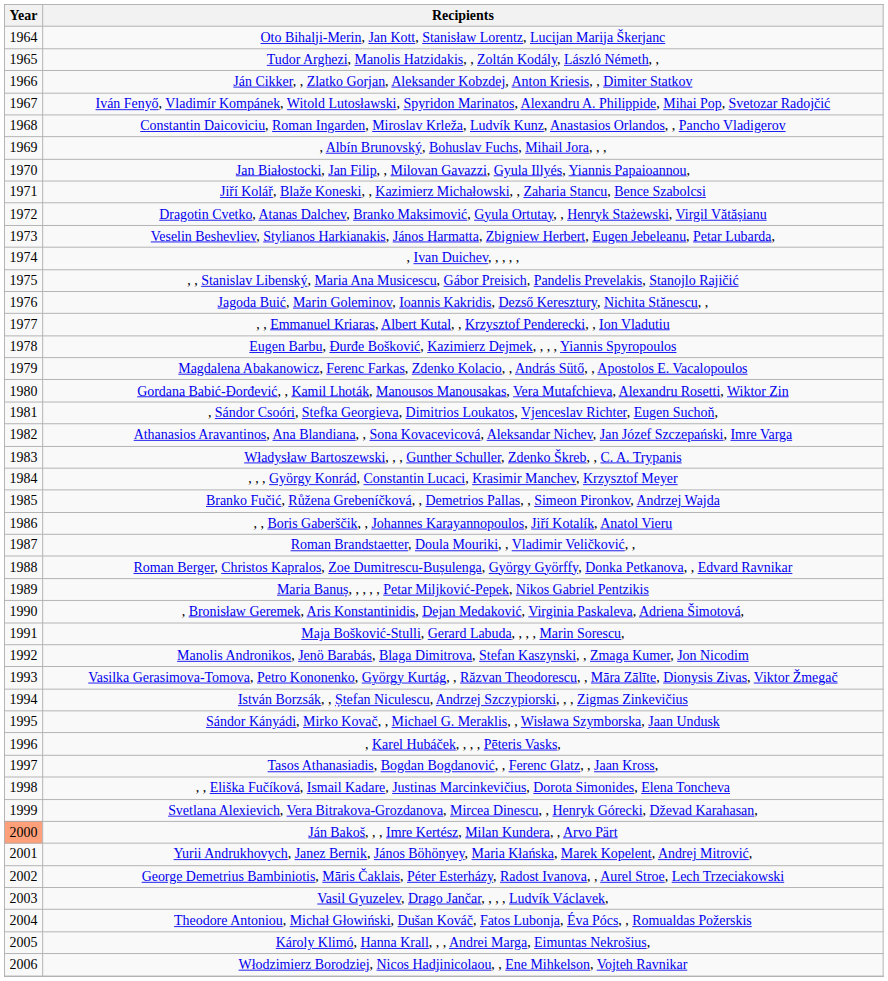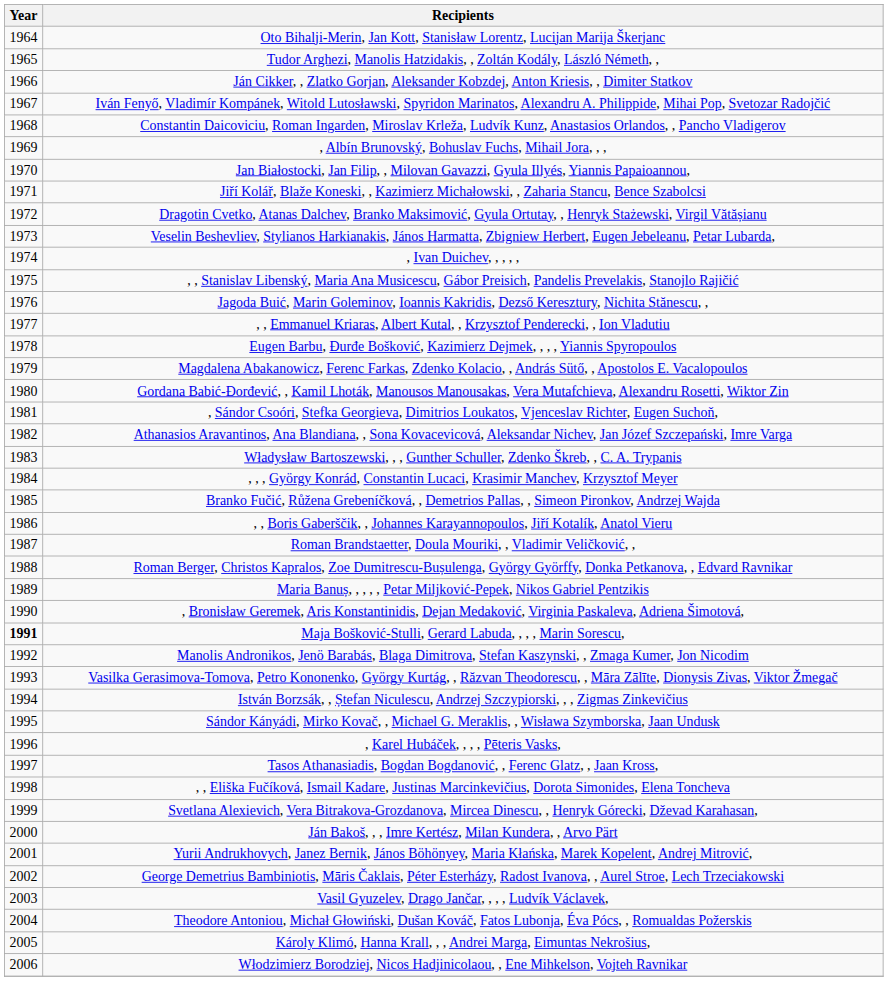 <table class="sortable wikitable plainrowheaders" width=80% style="text-align:center;">
 <tr>
 <th scope="col">Year</th>
 <th scope="col">Recipients</th>
 </tr>
 <tr>
 <td>1964</td>
 <td><a href='#'>Oto Bihalji-Merin</a>, <a href='#'>Jan Kott</a>, <a href='#'>Stanisław Lorentz</a>, <a href='#'>Lucijan Marija Škerjanc</a></td>
 </tr>
 <tr>
 <td>1965</td>
 <td><a href='#'>Tudor Arghezi</a>, <a href='#'>Manolis Hatzidakis</a>, , <a href='#'>Zoltán Kodály</a>, <a href='#'>László Németh</a>, , </td>
 </tr>
 <tr>
 <td>1966</td>
 <td><a href='#'>Ján Cikker</a>, , <a href='#'>Zlatko Gorjan</a>, <a href='#'>Aleksander Kobzdej</a>, <a href='#'>Anton Kriesis</a>, , <a href='#'>Dimiter Statkov</a></td>
 </tr>
 <tr>
 <td>1967</td>
 <td><a href='#'>Iván Fenyő</a>, <a href='#'>Vladimír Kompánek</a>, <a href='#'>Witold Lutosławski</a>, <a href='#'>Spyridon Marinatos</a>, <a href='#'>Alexandru A. Philippide</a>, <a href='#'>Mihai Pop</a>, <a href='#'>Svetozar Radojčić</a></td>
 </tr>
 <tr>
 <td>1968</td>
 <td><a href='#'>Constantin Daicoviciu</a>, <a href='#'>Roman Ingarden</a>, <a href='#'>Miroslav Krleža</a>, <a href='#'>Ludvík Kunz</a>, <a href='#'>Anastasios Orlandos</a>, , <a href='#'>Pancho Vladigerov</a></td>
 </tr>
 <tr>
 <td>1969</td>
 <td>, <a href='#'>Albín Brunovský</a>, <a href='#'>Bohuslav Fuchs</a>, <a href='#'>Mihail Jora</a>, , , </td>
 </tr>
 <tr>
 <td>1970</td>
 <td><a href='#'>Jan Białostocki</a>, <a href='#'>Jan Filip</a>, , <a href='#'>Milovan Gavazzi</a>, <a href='#'>Gyula Illyés</a>, <a href='#'>Yiannis Papaioannou</a>, </td>
 </tr>
 <tr>
 <td>1971</td>
 <td><a href='#'>Jiří Kolář</a>, <a href='#'>Blaže Koneski</a>, , <a href='#'>Kazimierz Michałowski</a>, , <a href='#'>Zaharia Stancu</a>, <a href='#'>Bence Szabolcsi</a></td>
 </tr>
 <tr>
 <td>1972</td>
 <td><a href='#'>Dragotin Cvetko</a>, <a href='#'>Atanas Dalchev</a>, <a href='#'>Branko Maksimović</a>, <a href='#'>Gyula Ortutay</a>, , <a href='#'>Henryk Stażewski</a>, <a href='#'>Virgil Vătășianu</a></td>
 </tr>
 <tr>
 <td>1973</td>
 <td><a href='#'>Veselin Beshevliev</a>, <a href='#'>Stylianos Harkianakis</a>, <a href='#'>János Harmatta</a>, <a href='#'>Zbigniew Herbert</a>, <a href='#'>Eugen Jebeleanu</a>, <a href='#'>Petar Lubarda</a>, </td>
 </tr>
 <tr>
 <td>1974</td>
 <td>, <a href='#'>Ivan Duichev</a>, , , , , </td>
 </tr>
 <tr>
 <td>1975</td>
 <td>, , <a href='#'>Stanislav Libenský</a>, <a href='#'>Maria Ana Musicescu</a>, <a href='#'>Gábor Preisich</a>, <a href='#'>Pandelis Prevelakis</a>, <a href='#'>Stanojlo Rajičić</a></td>
 </tr>
 <tr>
 <td>1976</td>
 <td><a href='#'>Jagoda Buić</a>, <a href='#'>Marin Goleminov</a>, <a href='#'>Ioannis Kakridis</a>, <a href='#'>Dezső Keresztury</a>, <a href='#'>Nichita Stănescu</a>, , </td>
 </tr>
 <tr>
 <td>1977</td>
 <td>, , <a href='#'>Emmanuel Kriaras</a>, <a href='#'>Albert Kutal</a>, , <a href='#'>Krzysztof Penderecki</a>, , <a href='#'>Ion Vladutiu</a></td>
 </tr>
 <tr>
 <td>1978</td>
 <td><a href='#'>Eugen Barbu</a>, <a href='#'>Đurđe Bošković</a>, <a href='#'>Kazimierz Dejmek</a>, , , , <a href='#'>Yiannis Spyropoulos</a></td>
 </tr>
 <tr>
 <td>1979</td>
 <td><a href='#'>Magdalena Abakanowicz</a>, <a href='#'>Ferenc Farkas</a>, <a href='#'>Zdenko Kolacio</a>, , <a href='#'>András Sütő</a>, , <a href='#'>Apostolos E. Vacalopoulos</a></td>
 </tr>
 <tr>
 <td>1980</td>
 <td><a href='#'>Gordana Babić-Đorđević</a>, , <a href='#'>Kamil Lhoták</a>, <a href='#'>Manousos Manousakas</a>, <a href='#'>Vera Mutafchieva</a>, <a href='#'>Alexandru Rosetti</a>, <a href='#'>Wiktor Zin</a></td>
 </tr>
 <tr>
 <td>1981</td>
 <td>, <a href='#'>Sándor Csoóri</a>, <a href='#'>Stefka Georgieva</a>, <a href='#'>Dimitrios Loukatos</a>, <a href='#'>Vjenceslav Richter</a>, <a href='#'>Eugen Suchoň</a>, </td>
 </tr>
 <tr>
 <td>1982</td>
 <td><a href='#'>Athanasios Aravantinos</a>, <a href='#'>Ana Blandiana</a>, , <a href='#'>Sona Kovacevicová</a>, <a href='#'>Aleksandar Nichev</a>, <a href='#'>Jan Józef Szczepański</a>, <a href='#'>Imre Varga</a></td>
 </tr>
 <tr>
 <td>1983</td>
 <td><a href='#'>Władysław Bartoszewski</a>, , , <a href='#'>Gunther Schuller</a>, <a href='#'>Zdenko Škreb</a>, , <a href='#'>C. A. Trypanis</a></td>
 </tr>
 <tr>
 <td>1984</td>
 <td>, , , <a href='#'>György Konrád</a>, <a href='#'>Constantin Lucaci</a>, <a href='#'>Krasimir Manchev</a>, <a href='#'>Krzysztof Meyer</a></td>
 </tr>
 <tr>
 <td>1985</td>
 <td><a href='#'>Branko Fučić</a>, <a href='#'>Růžena Grebeníčková</a>, , <a href='#'>Demetrios Pallas</a>, , <a href='#'>Simeon Pironkov</a>, <a href='#'>Andrzej Wajda</a></td>
 </tr>
 <tr>
 <td>1986</td>
 <td>, , <a href='#'>Boris Gaberščik</a>, , <a href='#'>Johannes Karayannopoulos</a>, <a href='#'>Jiří Kotalík</a>, <a href='#'>Anatol Vieru</a></td>
 </tr>
 <tr>
 <td>1987</td>
 <td><a href='#'>Roman Brandstaetter</a>, <a href='#'>Doula Mouriki</a>, , <a href='#'>Vladimir Veličković</a>, , </td>
 </tr>
 <tr>
 <td>1988</td>
 <td><a href='#'>Roman Berger</a>, <a href='#'>Christos Kapralos</a>, <a href='#'>Zoe Dumitrescu-Bușulenga</a>, <a href='#'>György Györffy</a>, <a href='#'>Donka Petkanova</a>, , <a href='#'>Edvard Ravnikar</a></td>
 </tr>
 <tr>
 <td>1989</td>
 <td><a href='#'>Maria Banuș</a>, , , , , <a href='#'>Petar Miljković-Pepek</a>, <a href='#'>Nikos Gabriel Pentzikis</a></td>
 </tr>
 <tr>
 <td>1990</td>
 <td>, <a href='#'>Bronisław Geremek</a>, <a href='#'>Aris Konstantinidis</a>, <a href='#'>Dejan Medaković</a>, <a href='#'>Virginia Paskaleva</a>, <a href='#'>Adriena Šimotová</a>, </td>
 </tr>
 <tr>
-<td>1991</td>
+<td><strong>1991</strong></td>
 <td><a href='#'>Maja Bošković-Stulli</a>, <a href='#'>Gerard Labuda</a>, , , , <a href='#'>Marin Sorescu</a>, </td>
 </tr>
 <tr>
 <td>1992</td>
 <td><a href='#'>Manolis Andronikos</a>, <a href='#'>Jenö Barabás</a>, <a href='#'>Blaga Dimitrova</a>, <a href='#'>Stefan Kaszynski</a>, , <a href='#'>Zmaga Kumer</a>, <a href='#'>Jon Nicodim</a></td>
 </tr>
 <tr>
 <td>1993</td>
 <td><a href='#'>Vasilka Gerasimova-Tomova</a>, <a href='#'>Petro Kononenko</a>, <a href='#'>György Kurtág</a>, , <a href='#'>Răzvan Theodorescu</a>, , <a href='#'>Māra Zālīte</a>, <a href='#'>Dionysis Zivas</a>, <a href='#'>Viktor Žmegač</a></td>
 </tr>
 <tr>
 <td>1994</td>
 <td><a href='#'>István Borzsák</a>, , <a href='#'>Ștefan Niculescu</a>, <a href='#'>Andrzej Szczypiorski</a>, , , <a href='#'>Zigmas Zinkevičius</a></td>
 </tr>
 <tr>
 <td>1995</td>
 <td><a href='#'>Sándor Kányádi</a>, <a href='#'>Mirko Kovač</a>, , <a href='#'>Michael G. Meraklis</a>, , <a href='#'>Wisława Szymborska</a>, <a href='#'>Jaan Undusk</a></td>
 </tr>
 <tr>
 <td>1996</td>
 <td>, <a href='#'>Karel Hubáček</a>, , , , <a href='#'>Pēteris Vasks</a>, </td>
 </tr>
 <tr>
 <td>1997</td>
 <td><a href='#'>Tasos Athanasiadis</a>, <a href='#'>Bogdan Bogdanović</a>, , <a href='#'>Ferenc Glatz</a>, , <a href='#'>Jaan Kross</a>, </td>
 </tr>
 <tr>
 <td>1998</td>
 <td>, , <a href='#'>Eliška Fučíková</a>, <a href='#'>Ismail Kadare</a>, <a href='#'>Justinas Marcinkevičius</a>, <a href='#'>Dorota Simonides</a>, <a href='#'>Elena Toncheva</a></td>
 </tr>
 <tr>
 <td>1999</td>
 <td><a href='#'>Svetlana Alexievich</a>, <a href='#'>Vera Bitrakova-Grozdanova</a>, <a href='#'>Mircea Dinescu</a>, , <a href='#'>Henryk Górecki</a>, <a href='#'>Dževad Karahasan</a>, </td>
 </tr>
 <tr>
-<td style="background: lightsalmon;">2000</td>
+<td>2000</td>
 <td><a href='#'>Ján Bakoš</a>, , , <a href='#'>Imre Kertész</a>, <a href='#'>Milan Kundera</a>, , <a href='#'>Arvo Pärt</a></td>
 </tr>
 <tr>
 <td>2001</td>
 <td><a href='#'>Yurii Andrukhovych</a>, <a href='#'>Janez Bernik</a>, <a href='#'>János Böhönyey</a>, <a href='#'>Maria Kłańska</a>, <a href='#'>Marek Kopelent</a>, <a href='#'>Andrej Mitrović</a>, </td>
 </tr>
 <tr>
 <td>2002</td>
 <td><a href='#'>George Demetrius Bambiniotis</a>, <a href='#'>Māris Čaklais</a>, <a href='#'>Péter Esterházy</a>, <a href='#'>Radost Ivanova</a>, , <a href='#'>Aurel Stroe</a>, <a href='#'>Lech Trzeciakowski</a></td>
 </tr>
 <tr>
 <td>2003</td>
 <td><a href='#'>Vasil Gyuzelev</a>, <a href='#'>Drago Jančar</a>, , , , <a href='#'>Ludvík Václavek</a>, </td>
 </tr>
 <tr>
 <td>2004</td>
 <td><a href='#'>Theodore Antoniou</a>, <a href='#'>Michał Głowiński</a>, <a href='#'>Dušan Kováč</a>, <a href='#'>Fatos Lubonja</a>, <a href='#'>Éva Pócs</a>, , <a href='#'>Romualdas Požerskis</a></td>
 </tr>
 <tr>
 <td>2005</td>
 <td><a href='#'>Károly Klimó</a>, <a href='#'>Hanna Krall</a>, , , <a href='#'>Andrei Marga</a>, <a href='#'>Eimuntas Nekrošius</a>, </td>
 </tr>
 <tr>
 <td>2006</td>
 <td><a href='#'>Włodzimierz Borodziej</a>, <a href='#'>Nicos Hadjinicolaou</a>, , <a href='#'>Ene Mihkelson</a>, <a href='#'>Vojteh Ravnikar</a></td>
 </tr>
 <tr>
 </tr>
 </table>
